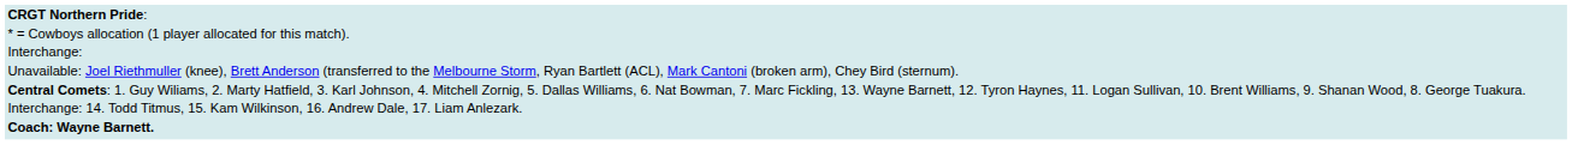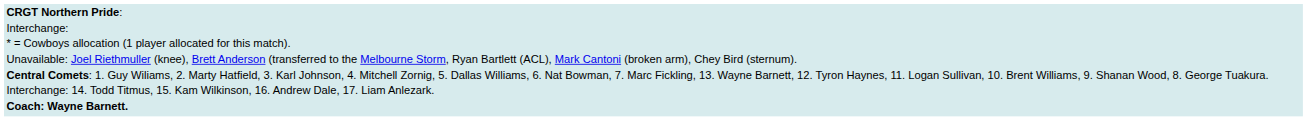 <table style="background:#d7ebed; font-size:85%; width:100%;">
 <tr>
 <td><strong>CRGT Northern Pride</strong>:              </td>
 </tr>
 <tr>
-<td>* = Cowboys allocation (1 player allocated for this match).</td>
+<td>Interchange:    </td>
 </tr>
 <tr>
-<td>Interchange:    </td>
+<td>* = Cowboys allocation (1 player allocated for this match).</td>
 </tr>
 <tr>
 <td>Unavailable: <a href='#'>Joel Riethmuller</a> (knee), <a href='#'>Brett Anderson</a> (transferred to the <a href='#'>Melbourne Storm</a>, Ryan Bartlett (ACL), <a href='#'>Mark Cantoni</a> (broken arm), Chey Bird (sternum).</td>
 </tr>
 <tr>
 <td><strong>Central Comets</strong>: 1. Guy Wiliams, 2. Marty Hatfield, 3. Karl Johnson, 4. Mitchell Zornig, 5. Dallas Williams, 6. Nat Bowman, 7. Marc Fickling, 13. Wayne Barnett, 12. Tyron Haynes, 11. Logan Sullivan, 10. Brent Williams, 9. Shanan Wood, 8. George Tuakura.</td>
 </tr>
 <tr>
 <td>Interchange: 14. Todd Titmus, 15. Kam Wilkinson, 16. Andrew Dale, 17. Liam Anlezark.</td>
 </tr>
 <tr>
 <td><strong>Coach: Wayne Barnett.</strong></td>
 </tr>
 <tr>
 </tr>
 </table>
